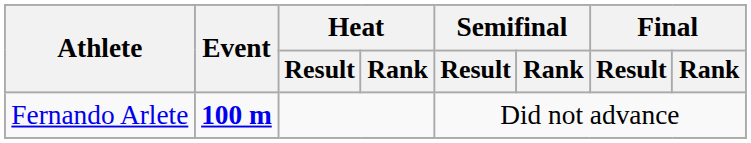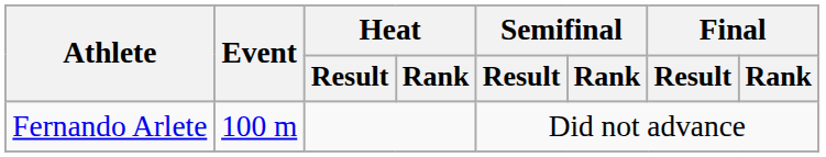 <table class=wikitable style="font-size:90%">
 <tr>
 <th rowspan="2">Athlete</th>
 <th rowspan="2">Event</th>
 <th colspan="2">Heat</th>
 <th colspan="2">Semifinal</th>
 <th colspan="2">Final</th>
 </tr>
 <tr style="font-size:95%">
 <th>Result</th>
 <th>Rank</th>
 <th>Result</th>
 <th>Rank</th>
 <th>Result</th>
 <th>Rank</th>
 </tr>
 <tr align=center>
 <td align=left><a href='#'>Fernando Arlete</a></td>
-<td align=left><strong><a href='#'>100 m</a></strong></td>
+<td align=left><a href='#'>100 m</a></td>
 <td colspan=2></td>
 <td colspan=4>Did not advance</td>
 </tr>
 </table>
